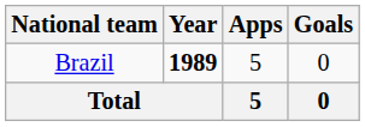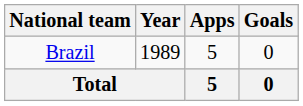 <table class="wikitable" style="text-align:center">
 <tr>
 <th>National team</th>
 <th>Year</th>
 <th>Apps</th>
 <th>Goals</th>
 </tr>
 <tr>
 <td><a href='#'>Brazil</a></td>
-<td><strong>1989</strong></td>
+<td>1989</td>
 <td>5</td>
 <td>0</td>
 </tr>
 <tr>
 <th colspan="2">Total</th>
 <th>5</th>
 <th>0</th>
 </tr>
 </table>
